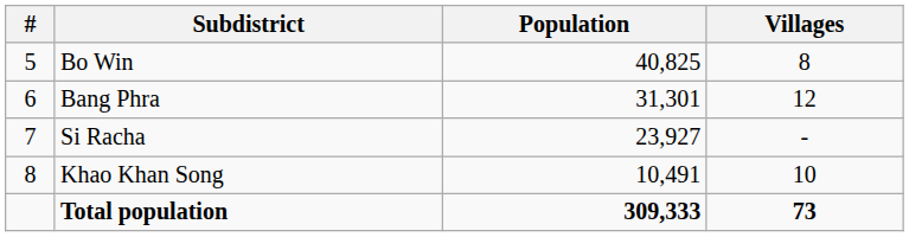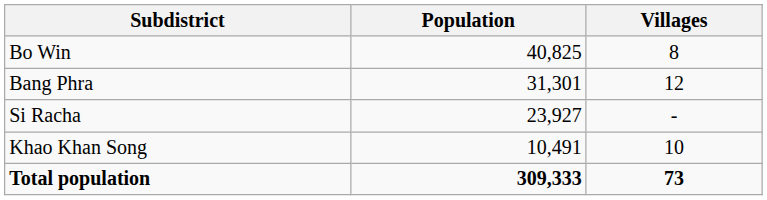 <table class="wikitable" style="width:48%; display:inline-table;">
 <tr>
-<th>#</th>
 <th>Subdistrict</th>
 <th>Population</th>
 <th>Villages</th>
 </tr>
 <tr>
-<td style="text-align:center;">5</td>
 <td>Bo Win</td>
 <td style="text-align:right;">40,825</td>
 <td style="text-align:center;">8</td>
 </tr>
 <tr>
-<td style="text-align:center;">6</td>
 <td>Bang Phra</td>
 <td style="text-align:right;">31,301</td>
 <td style="text-align:center;">12</td>
 </tr>
 <tr>
-<td style="text-align:center;">7</td>
 <td>Si Racha</td>
 <td style="text-align:right;">23,927</td>
 <td style="text-align:center;">-</td>
 </tr>
 <tr>
-<td style="text-align:center;">8</td>
 <td>Khao Khan Song</td>
 <td style="text-align:right;">10,491</td>
 <td style="text-align:center;">10</td>
 </tr>
 <tr>
-<td></td>
 <td><strong>Total population</strong></td>
 <td style="text-align:right;"><strong>309,333</strong></td>
 <td style="text-align:center;"><strong>73</strong></td>
 </tr>
 </table>
